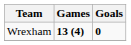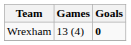 <table class="wikitable" border="1">
 <tr>
 <th>Team</th>
 <th>Games</th>
 <th>Goals</th>
 </tr>
 <tr>
 <td>Wrexham</td>
-<td><strong>13 (4)</strong></td>
+<td>13 (4)</td>
 <td><strong>0</strong></td>
 </tr>
 <tr>
 </tr>
 </table>
